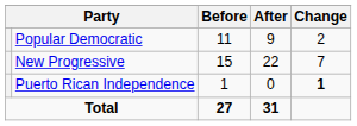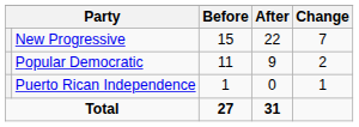 <table class="wikitable" style="text-align:center;">
 <tr>
 </tr>
 <tr>
 <th colspan=2>Party</th>
 <th>Before</th>
 <th>After</th>
 <th>Change</th>
 </tr>
 <tr>
 <th style="background-color:"></th>
+<td style="text-align:left;"><a href='#'>New Progressive</a></td>
+<td>15</td>
+<td>22</td>
+<td> 7</td>
+</tr>
+<tr>
+<th style="background-color:"></th>
 <td style="text-align:left;"><a href='#'>Popular Democratic</a></td>
 <td>11</td>
 <td>9</td>
 <td> 2</td>
 </tr>
 <tr>
 <th style="background-color:"></th>
-<td style="text-align:left;"><a href='#'>New Progressive</a></td>
-<td>15</td>
-<td>22</td>
-<td> 7</td>
-</tr>
-<tr>
-<th style="background-color:"></th>
 <td style="text-align:left;"><a href='#'>Puerto Rican Independence</a></td>
 <td>1</td>
 <td>0</td>
-<td><strong> 1</strong></td>
+<td> 1</td>
 </tr>
 <tr>
 <td colspan=2><strong>Total</strong></td>
 <td><strong>27</strong></td>
 <td><strong>31</strong></td>
 <td></td>
 </tr>
 </table>
